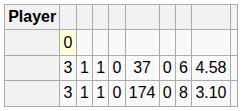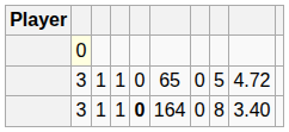 <table class="wikitable sortable plainrowheaders" style="text-align:center;">
 <tr>
 <th scope="col">Player</th>
 <th scope="col"></th>
 <th scope="col"></th>
 <th scope="col"></th>
 <th scope="col"></th>
 <th scope="col"></th>
 <th scope="col"></th>
 <th scope="col"></th>
 <th scope="col"></th>
 <th scope="col" class="unsortable"></th>
 </tr>
 <tr>
 <th scope="row"></th>
 <td style="background: lightyellow;">0</td>
 <td></td>
 <td></td>
 <td></td>
 <td></td>
 <td></td>
 <td></td>
 <td></td>
 <td></td>
 </tr>
 <tr>
 <th scope="row"></th>
 <td>3</td>
 <td>1</td>
 <td>1</td>
 <td>0</td>
-<td>37</td>
+<td>65</td>
 <td>0</td>
-<td>6</td>
-<td>4.58</td>
+<td>5</td>
+<td>4.72</td>
 <td></td>
 </tr>
 <tr>
 </tr>
 <tr>
 <th scope="row"></th>
 <td>3</td>
 <td>1</td>
 <td>1</td>
-<td>0</td>
-<td>174</td>
+<td><strong>0</strong></td>
+<td>164</td>
 <td>0</td>
 <td>8</td>
-<td>3.10</td>
+<td>3.40</td>
 <td></td>
 </tr>
 <tr>
 </tr>
 </table>
